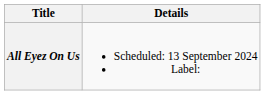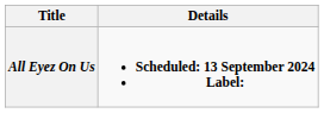 <table class="wikitable plainrowheaders" style="text-align:center;" border="1">
 <tr>
 <th>Title</th>
 <th>Details</th>
 </tr>
 <tr>
 <th scope="row"><em>All Eyez On Us</em></th>
-<td><br><ul><li>Scheduled: 13 September 2024</li><li>Label:</li></ul></td>
+<td><strong><br><ul><li>Scheduled: 13 September 2024</li><li>Label:</li></ul></strong></td>
 </tr>
 </table>
